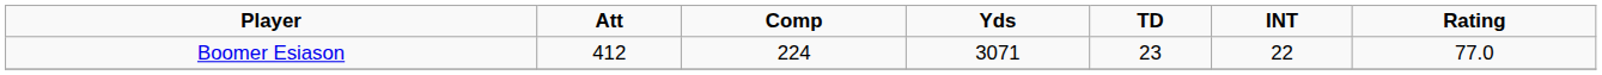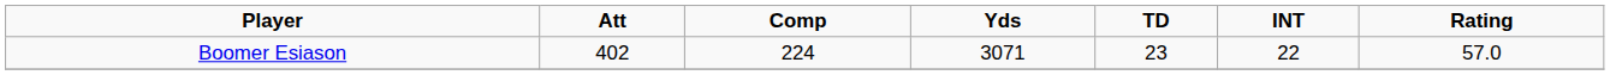 <table class="wikitable" width="80%">
 <tr align="center">
 <td><strong>Player</strong></td>
 <td><strong>Att</strong></td>
 <td><strong>Comp</strong></td>
 <td><strong>Yds</strong></td>
 <td><strong>TD</strong></td>
 <td><strong>INT</strong></td>
 <td><strong>Rating</strong></td>
 </tr>
 <tr align="center" bgcolor="">
 <td><a href='#'>Boomer Esiason</a></td>
-<td>412</td>
+<td>402</td>
 <td>224</td>
 <td>3071</td>
 <td>23</td>
 <td>22</td>
-<td>77.0</td>
+<td>57.0</td>
 </tr>
 <tr align="center" bgcolor="">
 </tr>
 </table>
